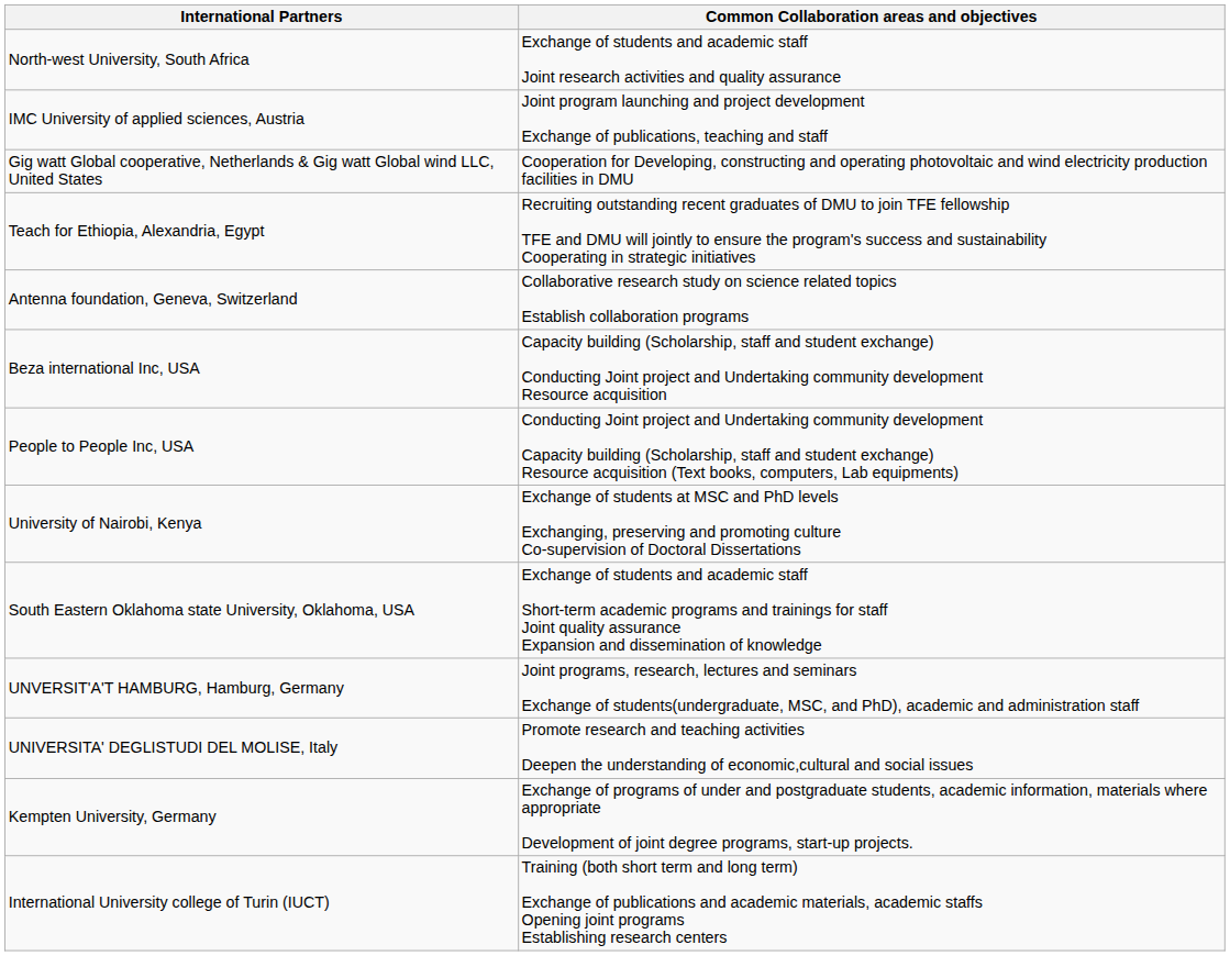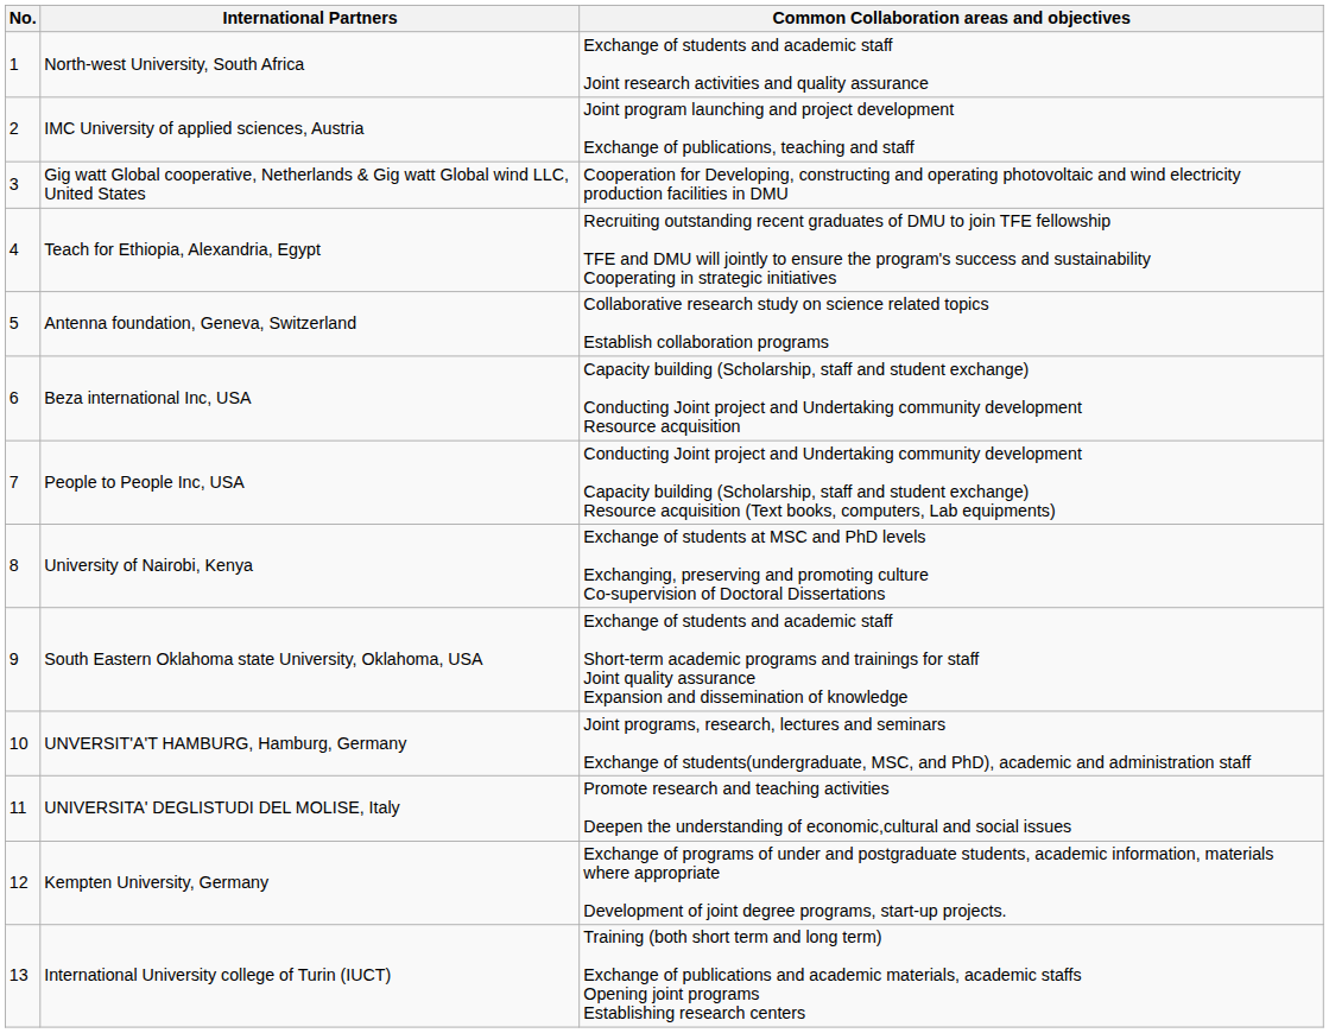 <table class="wikitable">
 <tr>
+<th>No.</th>
 <th>International Partners</th>
 <th>Common Collaboration areas and objectives</th>
 </tr>
 <tr>
+<td>1</td>
 <td>North-west University, South Africa</td>
 <td>Exchange of students and academic staff<br><br>Joint research activities and quality assurance</td>
 </tr>
 <tr>
+<td>2</td>
 <td>IMC University of applied sciences, Austria</td>
 <td>Joint program launching and project development <br><br>Exchange of publications, teaching and staff</td>
 </tr>
 <tr>
+<td>3</td>
 <td>Gig watt Global cooperative, Netherlands & Gig watt Global wind LLC, United States</td>
 <td>Cooperation for Developing, constructing and operating photovoltaic and wind electricity production facilities in DMU</td>
 </tr>
 <tr>
+<td>4</td>
 <td>Teach for Ethiopia, Alexandria, Egypt</td>
 <td>Recruiting outstanding recent graduates of DMU to join TFE fellowship<br><br>TFE and DMU will jointly to ensure the program's success and sustainability<br> Cooperating in strategic initiatives</td>
 </tr>
 <tr>
+<td>5</td>
 <td>Antenna foundation, Geneva, Switzerland</td>
 <td>Collaborative research study on science related topics<br><br>Establish collaboration programs</td>
 </tr>
 <tr>
+<td>6</td>
 <td>Beza international Inc, USA</td>
 <td>Capacity building (Scholarship, staff and student exchange)<br><br>Conducting Joint project and Undertaking community development<br> Resource acquisition</td>
 </tr>
 <tr>
+<td>7</td>
 <td>People to People Inc, USA</td>
 <td>Conducting Joint project and Undertaking community development<br><br>Capacity building (Scholarship, staff and student exchange)<br> Resource acquisition (Text books, computers, Lab equipments)</td>
 </tr>
 <tr>
+<td>8</td>
 <td>University of Nairobi, Kenya</td>
 <td>Exchange of students at MSC and PhD levels<br><br>Exchanging, preserving  and promoting culture<br> Co-supervision of Doctoral Dissertations</td>
 </tr>
 <tr>
+<td>9</td>
 <td>South Eastern Oklahoma state University, Oklahoma, USA</td>
 <td>Exchange of students and academic staff<br><br>Short-term academic programs and trainings for staff<br> Joint quality assurance<br> Expansion and dissemination of knowledge</td>
 </tr>
 <tr>
+<td>10</td>
 <td>UNVERSIT'A'T HAMBURG, Hamburg, Germany</td>
 <td>Joint programs, research, lectures and seminars<br><br>Exchange of students(undergraduate, MSC, and PhD), academic and administration staff</td>
 </tr>
 <tr>
+<td>11</td>
 <td>UNIVERSITA' DEGLISTUDI DEL MOLISE, Italy</td>
 <td>Promote research and teaching activities<br><br>Deepen the understanding of economic,cultural and  social issues</td>
 </tr>
 <tr>
+<td>12</td>
 <td>Kempten University, Germany</td>
 <td>Exchange of programs of under and postgraduate students, academic information, materials where appropriate <br><br>Development of joint degree programs, start-up projects.</td>
 </tr>
 <tr>
+<td>13</td>
 <td>International University college of Turin (IUCT)</td>
 <td>Training (both short term and long term)<br><br>Exchange of publications and academic materials, academic staffs<br> Opening joint programs <br> Establishing research centers</td>
 </tr>
 </table>
